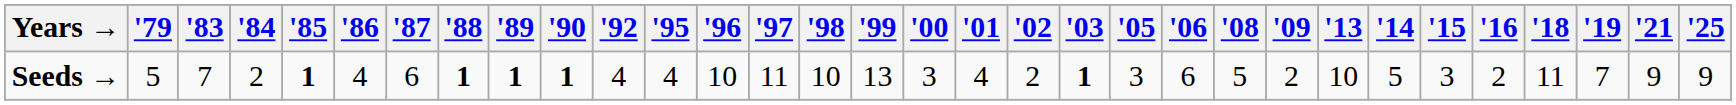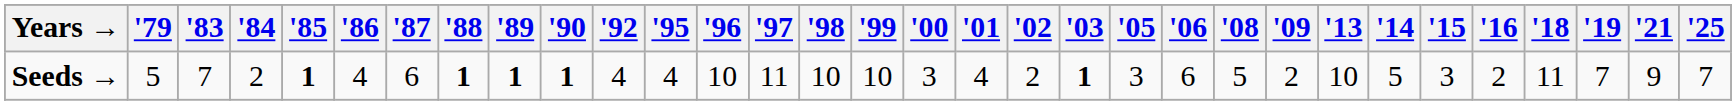 <table class="wikitable">
 <tr>
 <th>Years →</th>
 <th><a href='#'>'79</a></th>
 <th><a href='#'>'83</a></th>
 <th><a href='#'>'84</a></th>
 <th><a href='#'>'85</a></th>
 <th><a href='#'>'86</a></th>
 <th><a href='#'>'87</a></th>
 <th><a href='#'>'88</a></th>
 <th><a href='#'>'89</a></th>
 <th><a href='#'>'90</a></th>
 <th><a href='#'>'92</a></th>
 <th><a href='#'>'95</a></th>
 <th><a href='#'>'96</a></th>
 <th><a href='#'>'97</a></th>
 <th><a href='#'>'98</a></th>
 <th><a href='#'>'99</a></th>
 <th><a href='#'>'00</a></th>
 <th><a href='#'>'01</a></th>
 <th><a href='#'>'02</a></th>
 <th><a href='#'>'03</a></th>
 <th><a href='#'>'05</a></th>
 <th><a href='#'>'06</a></th>
 <th><a href='#'>'08</a></th>
 <th><a href='#'>'09</a></th>
 <th><a href='#'>'13</a></th>
 <th><a href='#'>'14</a></th>
 <th><a href='#'>'15</a></th>
 <th><a href='#'>'16</a></th>
 <th><a href='#'>'18</a></th>
 <th><a href='#'>'19</a></th>
 <th><a href='#'>'21</a></th>
 <th><a href='#'>'25</a></th>
 </tr>
 <tr align=center>
 <td style="text-align:left; "><strong>Seeds →</strong></td>
 <td>5</td>
 <td>7</td>
 <td>2</td>
 <td><strong>1</strong></td>
 <td>4</td>
 <td>6</td>
 <td><strong>1</strong></td>
 <td><strong>1</strong></td>
 <td><strong>1</strong></td>
 <td>4</td>
 <td>4</td>
 <td>10</td>
 <td>11</td>
 <td>10</td>
-<td>13</td>
+<td>10</td>
 <td>3</td>
 <td>4</td>
 <td>2</td>
 <td><strong>1</strong></td>
 <td>3</td>
 <td>6</td>
 <td>5</td>
 <td>2</td>
 <td>10</td>
 <td>5</td>
 <td>3</td>
 <td>2</td>
 <td>11</td>
 <td>7</td>
 <td>9</td>
-<td>9</td>
+<td>7</td>
 </tr>
 </table>
